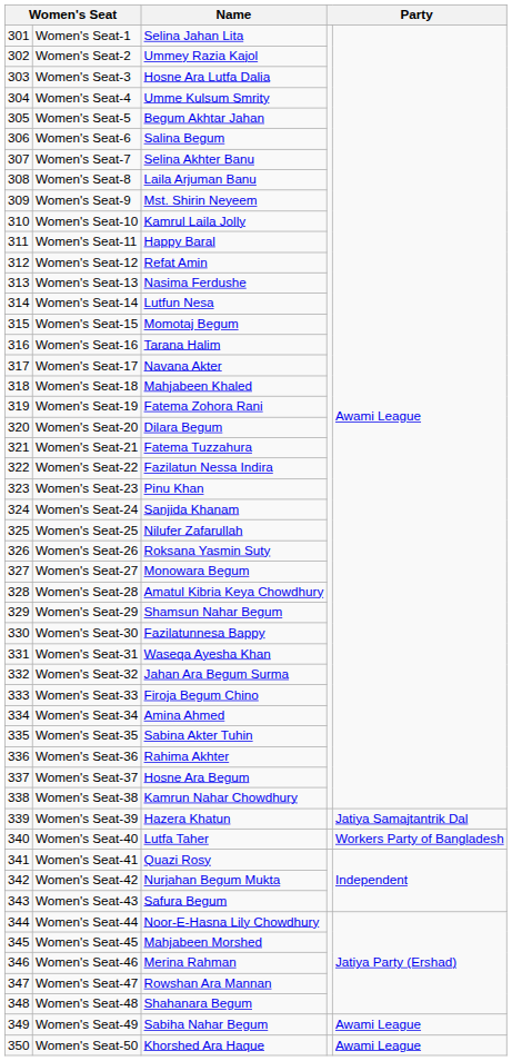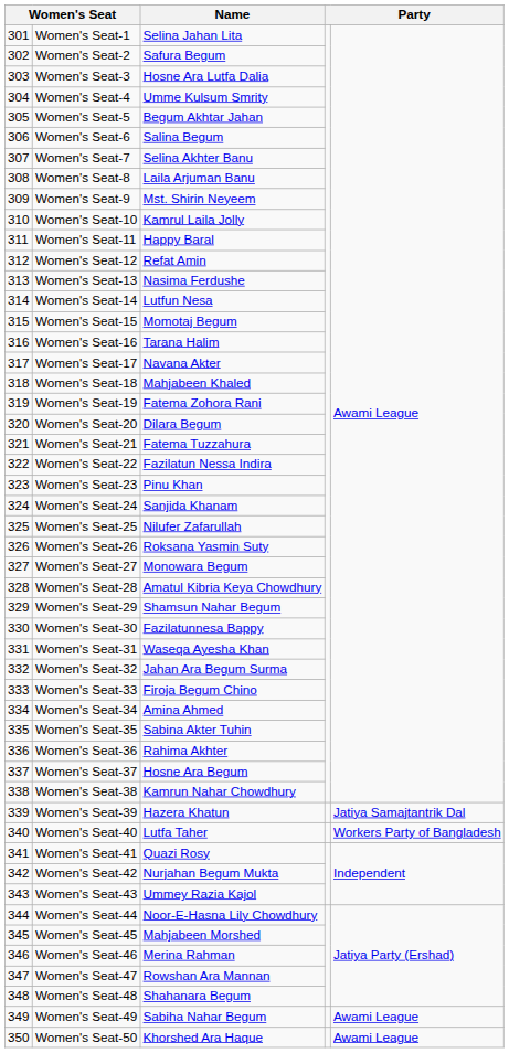 <table class="wikitable sortable">
 <tr>
 <th colspan="2">Women's Seat</th>
 <th>Name</th>
 <th colspan="2">Party</th>
 </tr>
 <tr>
 <td>301</td>
 <td>Women's Seat-1</td>
 <td><a href='#'>Selina Jahan Lita</a></td>
 <td rowspan="38" style="background-color:"></td>
 <td rowspan="38"><a href='#'>Awami League</a></td>
 </tr>
 <tr>
 <td>302</td>
 <td>Women's Seat-2</td>
-<td><a href='#'>Ummey Razia Kajol</a></td>
+<td><a href='#'>Safura Begum</a></td>
 </tr>
 <tr>
 <td>303</td>
 <td>Women's Seat-3</td>
 <td><a href='#'>Hosne Ara Lutfa Dalia</a></td>
 </tr>
 <tr>
 <td>304</td>
 <td>Women's Seat-4</td>
 <td><a href='#'>Umme Kulsum Smrity</a></td>
 </tr>
 <tr>
 <td>305</td>
 <td>Women's Seat-5</td>
 <td><a href='#'>Begum Akhtar Jahan</a></td>
 </tr>
 <tr>
 <td>306</td>
 <td>Women's Seat-6</td>
 <td><a href='#'>Salina Begum</a></td>
 </tr>
 <tr>
 <td>307</td>
 <td>Women's Seat-7</td>
 <td><a href='#'>Selina Akhter Banu</a></td>
 </tr>
 <tr>
 <td>308</td>
 <td>Women's Seat-8</td>
 <td><a href='#'>Laila Arjuman Banu</a></td>
 </tr>
 <tr>
 <td>309</td>
 <td>Women's Seat-9</td>
 <td><a href='#'>Mst. Shirin Neyeem</a></td>
 </tr>
 <tr>
 <td>310</td>
 <td>Women's Seat-10</td>
 <td><a href='#'>Kamrul Laila Jolly</a></td>
 </tr>
 <tr>
 <td>311</td>
 <td>Women's Seat-11</td>
 <td><a href='#'>Happy Baral</a></td>
 </tr>
 <tr>
 <td>312</td>
 <td>Women's Seat-12</td>
 <td><a href='#'>Refat Amin</a></td>
 </tr>
 <tr>
 <td>313</td>
 <td>Women's Seat-13</td>
 <td><a href='#'>Nasima Ferdushe</a></td>
 </tr>
 <tr>
 <td>314</td>
 <td>Women's Seat-14</td>
 <td><a href='#'>Lutfun Nesa</a></td>
 </tr>
 <tr>
 <td>315</td>
 <td>Women's Seat-15</td>
 <td><a href='#'>Momotaj Begum</a></td>
 </tr>
 <tr>
 <td>316</td>
 <td>Women's Seat-16</td>
 <td><a href='#'>Tarana Halim</a></td>
 </tr>
 <tr>
 <td>317</td>
 <td>Women's Seat-17</td>
 <td><a href='#'>Navana Akter</a></td>
 </tr>
 <tr>
 <td>318</td>
 <td>Women's Seat-18</td>
 <td><a href='#'>Mahjabeen Khaled</a></td>
 </tr>
 <tr>
 <td>319</td>
 <td>Women's Seat-19</td>
 <td><a href='#'>Fatema Zohora Rani</a></td>
 </tr>
 <tr>
 <td>320</td>
 <td>Women's Seat-20</td>
 <td><a href='#'>Dilara Begum</a></td>
 </tr>
 <tr>
 <td>321</td>
 <td>Women's Seat-21</td>
 <td><a href='#'>Fatema Tuzzahura</a></td>
 </tr>
 <tr>
 <td>322</td>
 <td>Women's Seat-22</td>
 <td><a href='#'>Fazilatun Nessa Indira</a></td>
 </tr>
 <tr>
 <td>323</td>
 <td>Women's Seat-23</td>
 <td><a href='#'>Pinu Khan</a></td>
 </tr>
 <tr>
 <td>324</td>
 <td>Women's Seat-24</td>
 <td><a href='#'>Sanjida Khanam</a></td>
 </tr>
 <tr>
 <td>325</td>
 <td>Women's Seat-25</td>
 <td><a href='#'>Nilufer Zafarullah</a></td>
 </tr>
 <tr>
 <td>326</td>
 <td>Women's Seat-26</td>
 <td><a href='#'>Roksana Yasmin Suty</a></td>
 </tr>
 <tr>
 <td>327</td>
 <td>Women's Seat-27</td>
 <td><a href='#'>Monowara Begum</a></td>
 </tr>
 <tr>
 <td>328</td>
 <td>Women's Seat-28</td>
 <td><a href='#'>Amatul Kibria Keya Chowdhury</a></td>
 </tr>
 <tr>
 <td>329</td>
 <td>Women's Seat-29</td>
 <td><a href='#'>Shamsun Nahar Begum</a></td>
 </tr>
 <tr>
 <td>330</td>
 <td>Women's Seat-30</td>
 <td><a href='#'>Fazilatunnesa Bappy</a></td>
 </tr>
 <tr>
 <td>331</td>
 <td>Women's Seat-31</td>
 <td><a href='#'>Waseqa Ayesha Khan</a></td>
 </tr>
 <tr>
 <td>332</td>
 <td>Women's Seat-32</td>
 <td><a href='#'>Jahan Ara Begum Surma</a></td>
 </tr>
 <tr>
 <td>333</td>
 <td>Women's Seat-33</td>
 <td><a href='#'>Firoja Begum Chino</a></td>
 </tr>
 <tr>
 <td>334</td>
 <td>Women's Seat-34</td>
 <td><a href='#'>Amina Ahmed</a></td>
 </tr>
 <tr>
 <td>335</td>
 <td>Women's Seat-35</td>
 <td><a href='#'>Sabina Akter Tuhin</a></td>
 </tr>
 <tr>
 <td>336</td>
 <td>Women's Seat-36</td>
 <td><a href='#'>Rahima Akhter</a></td>
 </tr>
 <tr>
 <td>337</td>
 <td>Women's Seat-37</td>
 <td><a href='#'>Hosne Ara Begum</a></td>
 </tr>
 <tr>
 <td>338</td>
 <td>Women's Seat-38</td>
 <td><a href='#'>Kamrun Nahar Chowdhury</a></td>
 </tr>
 <tr>
 <td>339</td>
 <td>Women's Seat-39</td>
 <td><a href='#'>Hazera Khatun</a></td>
 <td style="background-color:"></td>
 <td><a href='#'>Jatiya Samajtantrik Dal</a></td>
 </tr>
 <tr>
 <td>340</td>
 <td>Women's Seat-40</td>
 <td><a href='#'>Lutfa Taher</a></td>
 <td style="background-color:"></td>
 <td><a href='#'>Workers Party of Bangladesh</a></td>
 </tr>
 <tr>
 <td>341</td>
 <td>Women's Seat-41</td>
 <td><a href='#'>Quazi Rosy</a></td>
 <td rowspan="3" style="background-color:"></td>
 <td rowspan="3"><a href='#'>Independent</a></td>
 </tr>
 <tr>
 <td>342</td>
 <td>Women's Seat-42</td>
 <td><a href='#'>Nurjahan Begum Mukta</a></td>
 </tr>
 <tr>
 <td>343</td>
 <td>Women's Seat-43</td>
-<td><a href='#'>Safura Begum</a></td>
+<td><a href='#'>Ummey Razia Kajol</a></td>
 </tr>
 <tr>
 <td>344</td>
 <td>Women's Seat-44</td>
 <td><a href='#'>Noor-E-Hasna Lily Chowdhury</a></td>
 <td rowspan="5" style="background-color:"></td>
 <td rowspan="5"><a href='#'>Jatiya Party (Ershad)</a></td>
 </tr>
 <tr>
 <td>345</td>
 <td>Women's Seat-45</td>
 <td><a href='#'>Mahjabeen Morshed</a></td>
 </tr>
 <tr>
 <td>346</td>
 <td>Women's Seat-46</td>
 <td><a href='#'>Merina Rahman</a></td>
 </tr>
 <tr>
 <td>347</td>
 <td>Women's Seat-47</td>
 <td><a href='#'>Rowshan Ara Mannan</a></td>
 </tr>
 <tr>
 <td>348</td>
 <td>Women's Seat-48</td>
 <td><a href='#'>Shahanara Begum</a></td>
 </tr>
 <tr>
 <td>349</td>
 <td>Women's Seat-49</td>
 <td><a href='#'>Sabiha Nahar Begum</a></td>
 <td style="background-color:"></td>
 <td><a href='#'>Awami League</a></td>
 </tr>
 <tr>
 <td>350</td>
 <td>Women's Seat-50</td>
 <td><a href='#'>Khorshed Ara Haque</a></td>
 <td style="background-color:"></td>
 <td><a href='#'>Awami League</a></td>
 </tr>
 </table>
